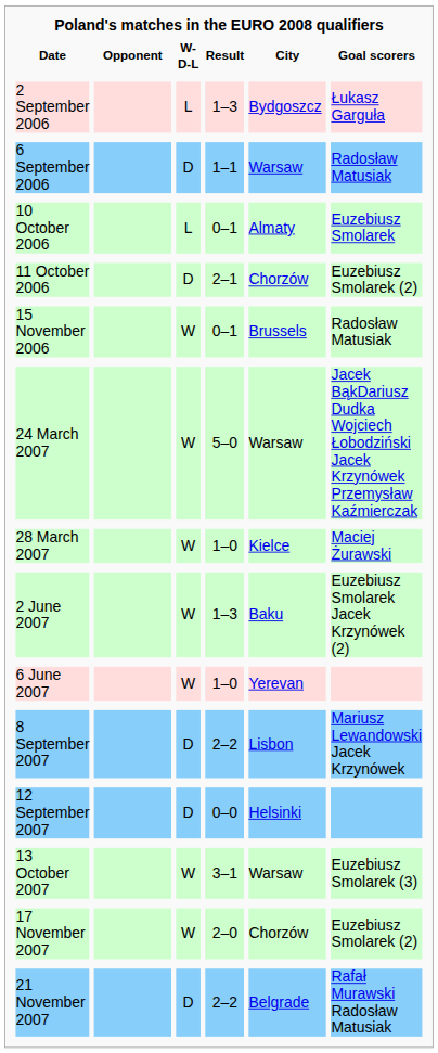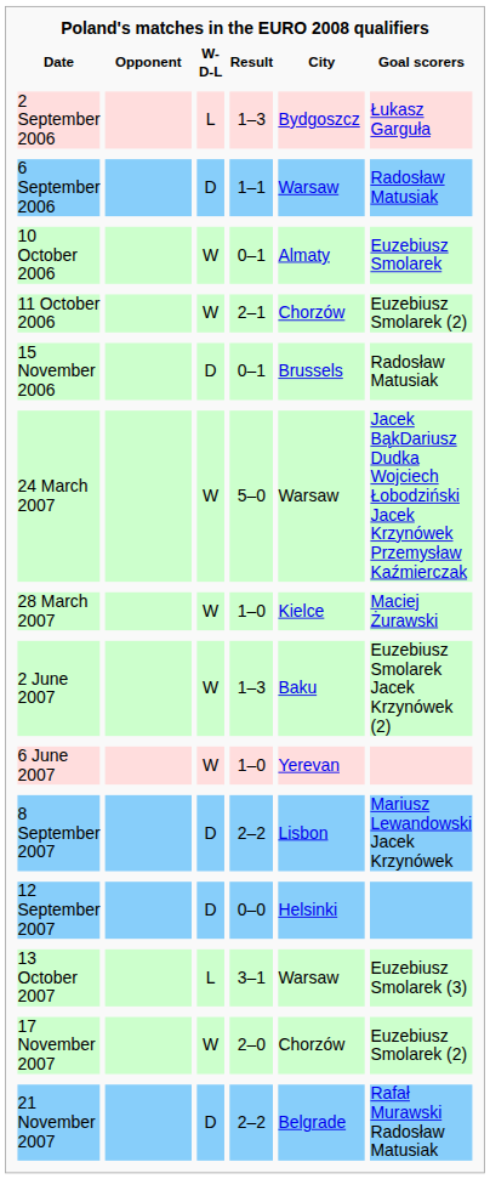 <table cellpadding="0" cellspacing="5" style="width: 455px; border: 1px solid #aaa; font-size: 100%; padding: 6px; margin: 0.5em 1.4em 0.8em 0; float: left; clear: right; background: #f9f9f9;">
 <tr>
 <th colspan="85">Poland's matches in the EURO 2008 qualifiers</th>
 </tr>
 <tr>
 <th width="7%"><small>Date</small></th>
 <th width="30%"><small>Opponent</small></th>
 <th width="12%"><small>W-D-L</small></th>
 <th width="4%"><small>Result</small></th>
 <th width="23%"><small>City</small></th>
 <th width="45%"><small>Goal scorers</small></th>
 </tr>
 <tr>
 </tr>
 <tr bgcolor="#ffdddd">
 <td>2 September 2006</td>
 <td></td>
 <td align="center">L</td>
 <td align="center">1–3</td>
 <td><a href='#'>Bydgoszcz</a></td>
 <td><a href='#'>Łukasz Garguła</a></td>
 </tr>
 <tr>
 </tr>
 <tr bgcolor="#87cefa">
 <td>6 September 2006</td>
 <td></td>
 <td align="center">D</td>
 <td align="center">1–1</td>
 <td><a href='#'>Warsaw</a></td>
 <td><a href='#'>Radosław Matusiak</a></td>
 </tr>
 <tr>
 </tr>
 <tr bgcolor="#ccffcc">
 <td>10 October 2006</td>
 <td></td>
-<td align="center">L</td>
+<td align="center">W</td>
 <td align="center">0–1</td>
 <td><a href='#'>Almaty</a></td>
 <td><a href='#'>Euzebiusz Smolarek</a></td>
 </tr>
 <tr>
 </tr>
 <tr bgcolor="#ccffcc">
 <td>11 October 2006</td>
 <td></td>
-<td align="center">D</td>
+<td align="center">W</td>
 <td align="center">2–1</td>
 <td><a href='#'>Chorzów</a></td>
 <td>Euzebiusz Smolarek (2)</td>
 </tr>
 <tr>
 </tr>
 <tr bgcolor="#ccffcc">
 <td>15 November 2006</td>
 <td></td>
-<td align="center">W</td>
+<td align="center">D</td>
 <td align="center">0–1</td>
 <td><a href='#'>Brussels</a></td>
 <td>Radosław Matusiak</td>
 </tr>
 <tr>
 </tr>
 <tr bgcolor="#ccffcc">
 <td>24 March 2007</td>
 <td></td>
 <td align="center">W</td>
 <td align="center">5–0</td>
 <td>Warsaw</td>
 <td><a href='#'>Jacek Bąk</a><a href='#'>Dariusz Dudka</a><br><a href='#'>Wojciech Łobodziński</a> <a href='#'>Jacek Krzynówek</a> <a href='#'>Przemysław Kaźmierczak</a></td>
 </tr>
 <tr>
 </tr>
 <tr bgcolor="#ccffcc">
 <td>28 March 2007</td>
 <td></td>
 <td align="center">W</td>
 <td align="center">1–0</td>
 <td><a href='#'>Kielce</a></td>
 <td><a href='#'>Maciej Żurawski</a></td>
 </tr>
 <tr>
 </tr>
 <tr bgcolor="#ccffcc">
 <td>2 June 2007</td>
 <td></td>
 <td align="center">W</td>
 <td align="center">1–3</td>
 <td><a href='#'>Baku</a></td>
 <td>Euzebiusz Smolarek<br>Jacek Krzynówek (2)</td>
 </tr>
 <tr>
 </tr>
 <tr bgcolor="#ffdddd">
 <td>6 June 2007</td>
 <td></td>
 <td align="center">W</td>
 <td align="center">1–0</td>
 <td><a href='#'>Yerevan</a></td>
 <td></td>
 </tr>
 <tr>
 </tr>
 <tr bgcolor="#87cefa">
 <td>8 September 2007</td>
 <td></td>
 <td align="center">D</td>
 <td align="center">2–2</td>
 <td><a href='#'>Lisbon</a></td>
 <td><a href='#'>Mariusz Lewandowski</a><br>Jacek Krzynówek</td>
 </tr>
 <tr>
 </tr>
 <tr bgcolor="#87cefa">
 <td>12 September 2007</td>
 <td></td>
 <td align="center">D</td>
 <td align="center">0–0</td>
 <td><a href='#'>Helsinki</a></td>
 <td></td>
 </tr>
 <tr>
 </tr>
 <tr bgcolor="#ccffcc">
 <td>13 October 2007</td>
 <td></td>
-<td align="center">W</td>
+<td align="center">L</td>
 <td align="center">3–1</td>
 <td>Warsaw</td>
 <td>Euzebiusz Smolarek (3)</td>
 </tr>
 <tr>
 </tr>
 <tr bgcolor="#ccffcc">
 <td>17 November 2007</td>
 <td></td>
 <td align="center">W</td>
 <td align="center">2–0</td>
 <td>Chorzów</td>
 <td>Euzebiusz Smolarek (2)</td>
 </tr>
 <tr>
 </tr>
 <tr bgcolor="#87cefa">
 <td>21 November 2007</td>
 <td></td>
 <td align="center">D</td>
 <td align="center">2–2</td>
 <td><a href='#'>Belgrade</a></td>
 <td><a href='#'>Rafał Murawski</a><br>Radosław Matusiak</td>
 </tr>
 </table>
